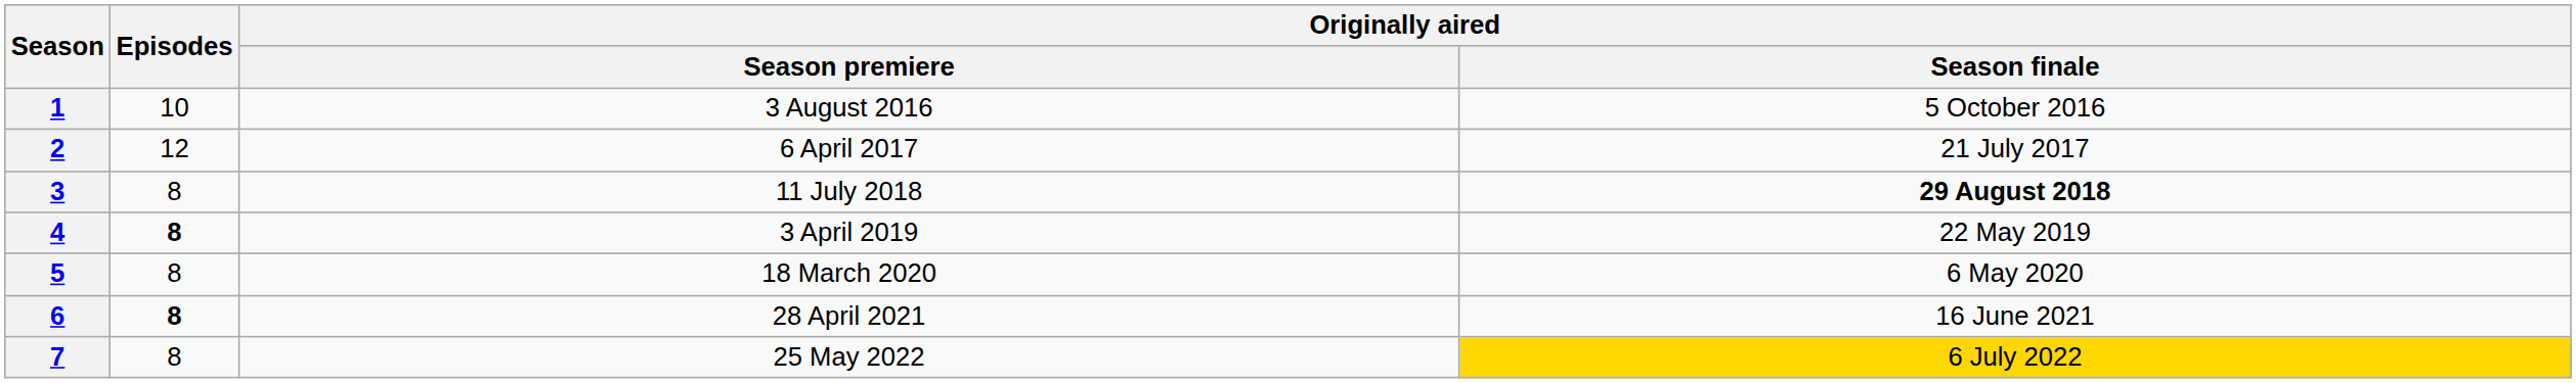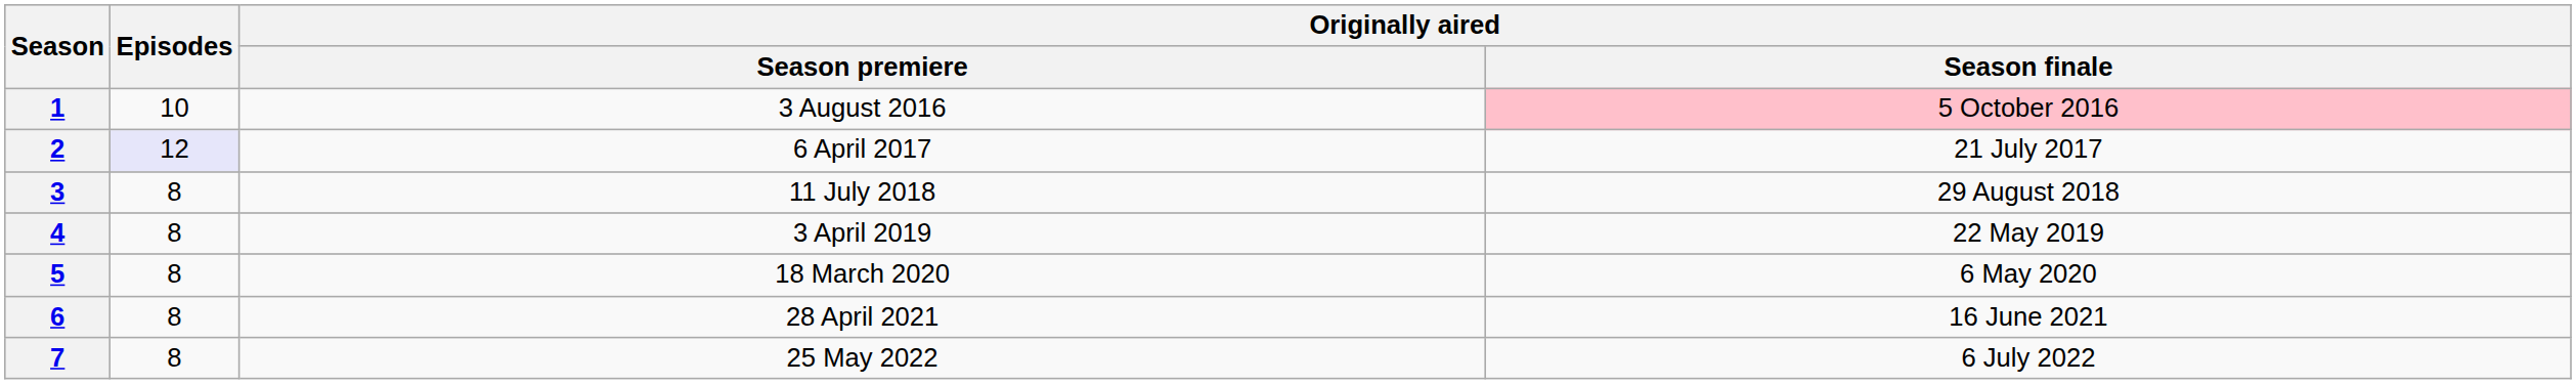 <table class="wikitable sortable" style="text-align:center;">
 <tr>
 <th rowspan="2" width=3%>Season</th>
 <th rowspan="2" width=5%>Episodes</th>
 <th colspan="2">Originally aired</th>
 </tr>
 <tr>
 <th>Season premiere</th>
 <th>Season finale</th>
 </tr>
 <tr>
 <th><a href='#'>1</a></th>
 <td>10</td>
 <td>3 August 2016</td>
-<td>5 October 2016</td>
+<td style="background: pink;">5 October 2016</td>
 </tr>
 <tr>
 <th><a href='#'>2</a></th>
-<td>12</td>
+<td style="background: lavender;">12</td>
 <td>6 April 2017</td>
 <td>21 July 2017</td>
 </tr>
 <tr>
 <th><a href='#'>3</a></th>
 <td>8</td>
 <td>11 July 2018</td>
-<td><strong>29 August 2018</strong></td>
+<td>29 August 2018</td>
 </tr>
 <tr>
 <th><a href='#'>4</a></th>
-<td><strong>8</strong></td>
+<td>8</td>
 <td>3 April 2019</td>
 <td>22 May 2019</td>
 </tr>
 <tr>
 <th><a href='#'>5</a></th>
 <td>8</td>
 <td>18 March 2020</td>
 <td>6 May 2020</td>
 </tr>
 <tr>
 <th><a href='#'>6</a></th>
-<td><strong>8</strong></td>
+<td>8</td>
 <td>28 April 2021</td>
 <td>16 June 2021</td>
 </tr>
 <tr>
 <th><a href='#'>7</a></th>
 <td>8</td>
 <td>25 May 2022</td>
-<td style="background: gold;">6 July 2022</td>
+<td>6 July 2022</td>
 </tr>
 </table>
